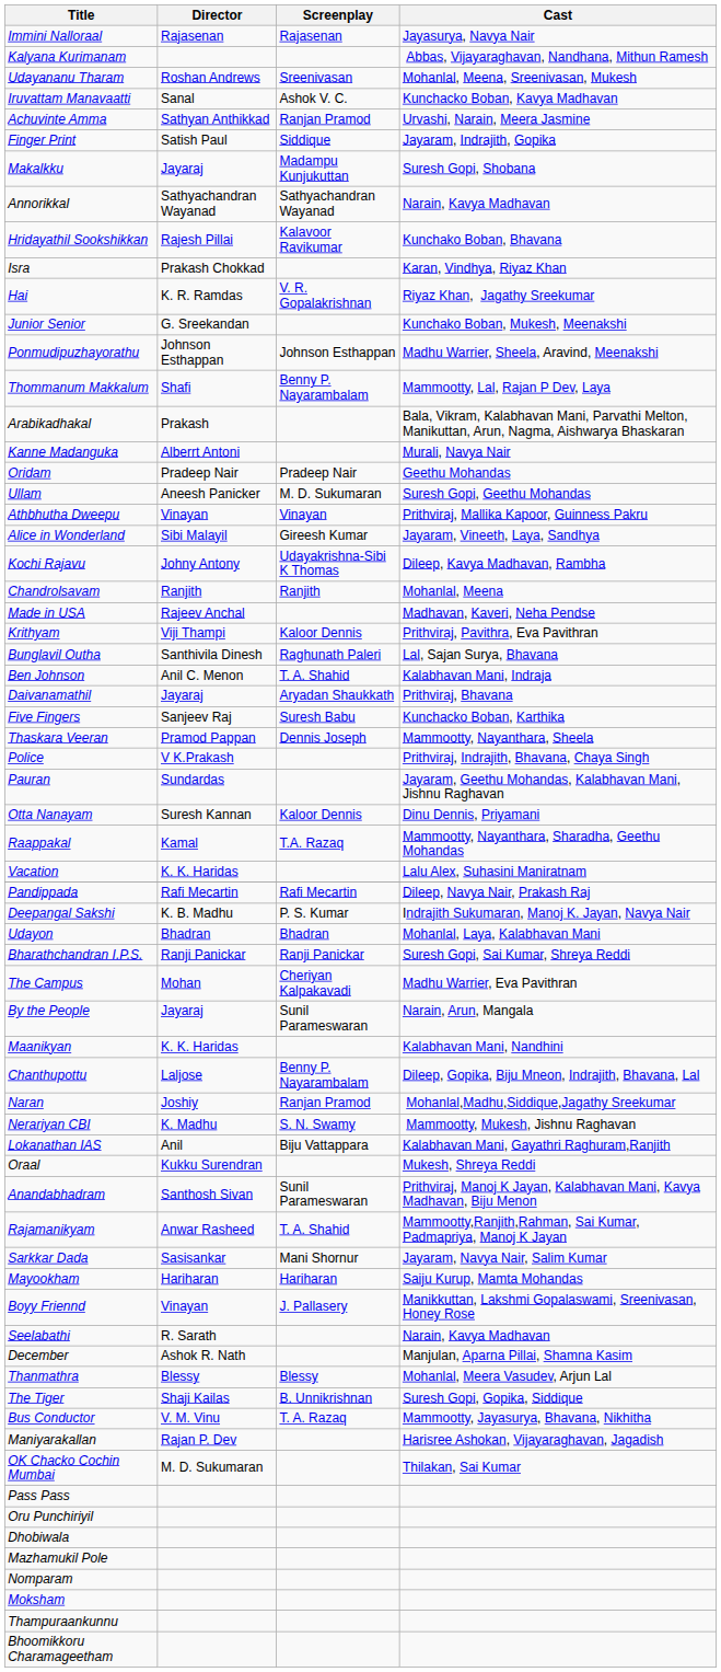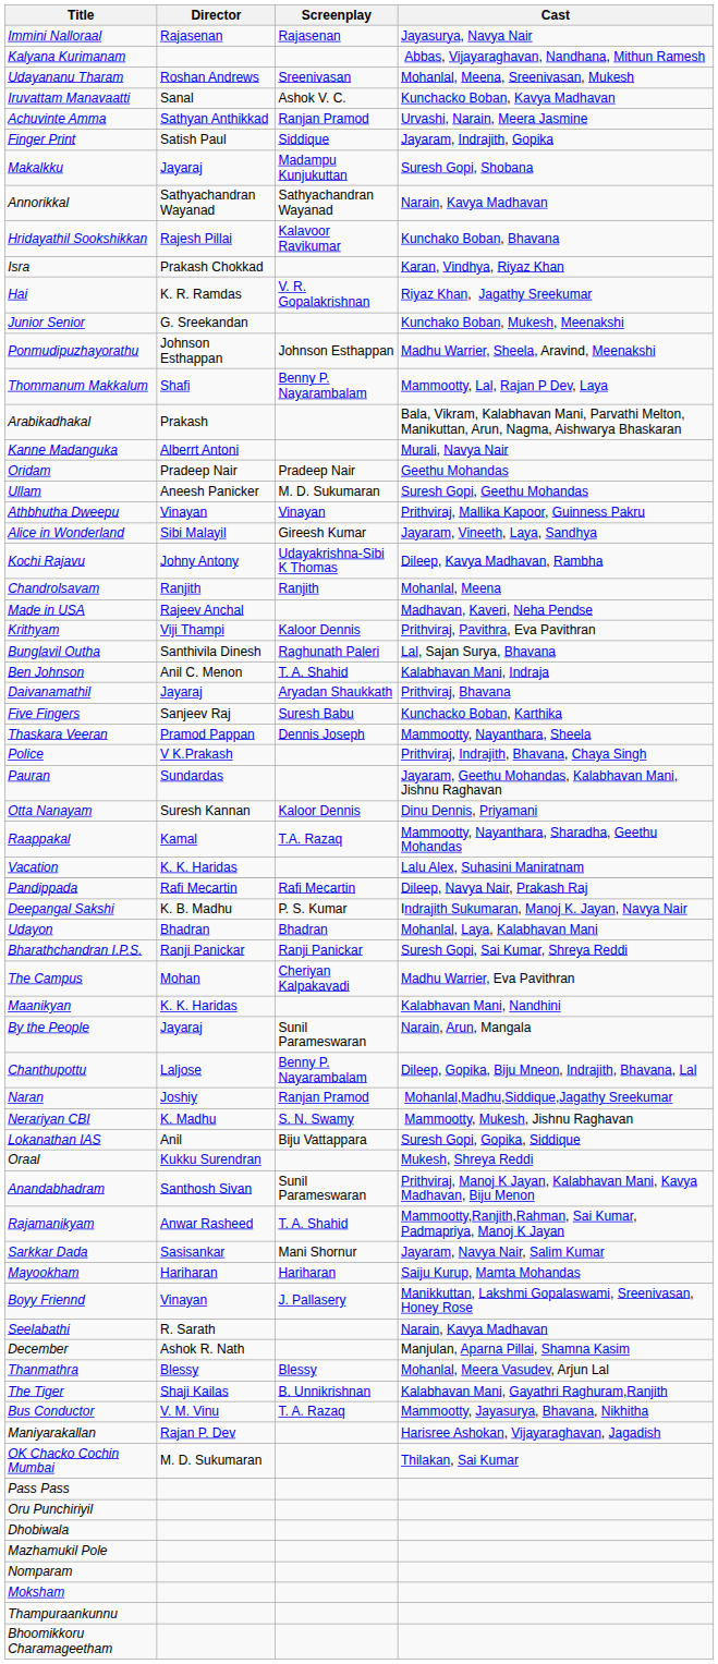 <table class="wikitable" style="align:left;">
 <tr>
 <th>Title</th>
 <th>Director</th>
 <th>Screenplay</th>
 <th>Cast</th>
 </tr>
 <tr>
 <td><em><a href='#'>Immini Nalloraal</a></em></td>
 <td><a href='#'>Rajasenan</a></td>
 <td><a href='#'>Rajasenan</a></td>
 <td><a href='#'>Jayasurya</a>, <a href='#'>Navya Nair</a></td>
 </tr>
 <tr>
 <td><em><a href='#'>Kalyana Kurimanam</a></em></td>
 <td> </td>
 <td> </td>
 <td> <a href='#'>Abbas</a>, <a href='#'>Vijayaraghavan</a>, <a href='#'>Nandhana</a>, <a href='#'>Mithun Ramesh</a></td>
 </tr>
 <tr>
 <td><em><a href='#'>Udayananu Tharam</a></em></td>
 <td><a href='#'>Roshan Andrews</a></td>
 <td><a href='#'>Sreenivasan</a></td>
 <td><a href='#'>Mohanlal</a>, <a href='#'>Meena</a>, <a href='#'>Sreenivasan</a>, <a href='#'>Mukesh</a></td>
 </tr>
 <tr>
 <td><em><a href='#'>Iruvattam Manavaatti</a></em></td>
 <td>Sanal</td>
 <td>Ashok V. C.</td>
 <td><a href='#'>Kunchacko Boban</a>, <a href='#'>Kavya Madhavan</a></td>
 </tr>
 <tr valign="top">
 <td><em><a href='#'>Achuvinte Amma</a></em></td>
 <td><a href='#'>Sathyan Anthikkad</a></td>
 <td><a href='#'>Ranjan Pramod</a></td>
 <td><a href='#'>Urvashi</a>, <a href='#'>Narain</a>, <a href='#'>Meera Jasmine</a></td>
 </tr>
 <tr>
 <td><em><a href='#'>Finger Print</a></em></td>
 <td>Satish Paul</td>
 <td><a href='#'>Siddique</a></td>
 <td><a href='#'>Jayaram</a>, <a href='#'>Indrajith</a>, <a href='#'>Gopika</a></td>
 </tr>
 <tr>
 <td><em><a href='#'>Makalkku</a></em></td>
 <td><a href='#'>Jayaraj</a></td>
 <td><a href='#'>Madampu Kunjukuttan</a></td>
 <td><a href='#'>Suresh Gopi</a>, <a href='#'>Shobana</a></td>
 </tr>
 <tr>
 <td><em>Annorikkal</em></td>
 <td>Sathyachandran Wayanad</td>
 <td>Sathyachandran Wayanad</td>
 <td><a href='#'>Narain</a>, <a href='#'>Kavya Madhavan</a></td>
 </tr>
 <tr>
 <td><em><a href='#'>Hridayathil Sookshikkan</a></em></td>
 <td><a href='#'>Rajesh Pillai</a></td>
 <td><a href='#'>Kalavoor Ravikumar</a></td>
 <td><a href='#'>Kunchako Boban</a>, <a href='#'>Bhavana</a></td>
 </tr>
 <tr>
 <td><em>Isra</em></td>
 <td>Prakash Chokkad</td>
 <td> </td>
 <td><a href='#'>Karan</a>, <a href='#'>Vindhya</a>, <a href='#'>Riyaz Khan</a></td>
 </tr>
 <tr>
 <td><em><a href='#'>Hai</a></em></td>
 <td>K. R. Ramdas</td>
 <td><a href='#'>V. R. Gopalakrishnan</a></td>
 <td><a href='#'>Riyaz Khan</a>,  <a href='#'>Jagathy Sreekumar</a></td>
 </tr>
 <tr>
 <td><em><a href='#'>Junior Senior</a></em></td>
 <td>G. Sreekandan</td>
 <td> </td>
 <td><a href='#'>Kunchako Boban</a>, <a href='#'>Mukesh</a>, <a href='#'>Meenakshi</a></td>
 </tr>
 <tr>
 <td><em><a href='#'>Ponmudipuzhayorathu</a></em></td>
 <td>Johnson Esthappan</td>
 <td>Johnson Esthappan</td>
 <td><a href='#'>Madhu Warrier</a>, <a href='#'>Sheela</a>, Aravind, <a href='#'>Meenakshi</a></td>
 </tr>
 <tr>
 <td><em><a href='#'>Thommanum Makkalum</a></em></td>
 <td><a href='#'>Shafi</a></td>
 <td><a href='#'>Benny P. Nayarambalam</a></td>
 <td><a href='#'>Mammootty</a>, <a href='#'>Lal</a>, <a href='#'>Rajan P Dev</a>, <a href='#'>Laya</a></td>
 </tr>
 <tr>
 <td><em>Arabikadhakal</em></td>
 <td>Prakash</td>
 <td></td>
 <td>Bala, Vikram, Kalabhavan Mani, Parvathi Melton, Manikuttan, Arun, Nagma, Aishwarya Bhaskaran</td>
 </tr>
 <tr>
 <td><em><a href='#'>Kanne Madanguka</a></em></td>
 <td><a href='#'>Alberrt Antoni</a></td>
 <td> </td>
 <td><a href='#'>Murali</a>, <a href='#'>Navya Nair</a></td>
 </tr>
 <tr>
 <td><em><a href='#'>Oridam</a></em></td>
 <td>Pradeep Nair</td>
 <td>Pradeep Nair</td>
 <td><a href='#'>Geethu Mohandas</a></td>
 </tr>
 <tr>
 <td><em><a href='#'>Ullam</a></em></td>
 <td>Aneesh Panicker</td>
 <td>M. D. Sukumaran</td>
 <td><a href='#'>Suresh Gopi</a>, <a href='#'>Geethu Mohandas</a></td>
 </tr>
 <tr>
 <td><em><a href='#'>Athbhutha Dweepu</a></em></td>
 <td><a href='#'>Vinayan</a></td>
 <td><a href='#'>Vinayan</a></td>
 <td><a href='#'>Prithviraj</a>, <a href='#'>Mallika Kapoor</a>, <a href='#'>Guinness Pakru</a></td>
 </tr>
 <tr>
 <td><em><a href='#'>Alice in Wonderland</a></em></td>
 <td><a href='#'>Sibi Malayil</a></td>
 <td>Gireesh Kumar</td>
 <td><a href='#'>Jayaram</a>, <a href='#'>Vineeth</a>, <a href='#'>Laya</a>, <a href='#'>Sandhya</a></td>
 </tr>
 <tr>
 <td><em><a href='#'>Kochi Rajavu</a></em></td>
 <td><a href='#'>Johny Antony</a></td>
 <td><a href='#'>Udayakrishna-Sibi K Thomas</a></td>
 <td><a href='#'>Dileep</a>, <a href='#'>Kavya Madhavan</a>, <a href='#'>Rambha</a></td>
 </tr>
 <tr>
 <td><em><a href='#'>Chandrolsavam</a></em></td>
 <td><a href='#'>Ranjith</a></td>
 <td><a href='#'>Ranjith</a></td>
 <td><a href='#'>Mohanlal</a>, <a href='#'>Meena</a></td>
 </tr>
 <tr>
 <td><a href='#'><em>Made in USA</em></a></td>
 <td><a href='#'>Rajeev Anchal</a></td>
 <td></td>
 <td><a href='#'>Madhavan</a>, <a href='#'>Kaveri</a>, <a href='#'>Neha Pendse</a></td>
 </tr>
 <tr valign="top">
 <td><em><a href='#'>Krithyam</a></em></td>
 <td><a href='#'>Viji Thampi</a></td>
 <td><a href='#'>Kaloor Dennis</a></td>
 <td><a href='#'>Prithviraj</a>, <a href='#'>Pavithra</a>, Eva Pavithran</td>
 </tr>
 <tr valign="top">
 <td><em><a href='#'>Bunglavil Outha</a></em></td>
 <td>Santhivila Dinesh</td>
 <td><a href='#'>Raghunath Paleri</a></td>
 <td><a href='#'>Lal</a>, Sajan Surya, <a href='#'>Bhavana</a></td>
 </tr>
 <tr>
 <td><em><a href='#'>Ben Johnson</a></em></td>
 <td>Anil C. Menon</td>
 <td><a href='#'>T. A. Shahid</a></td>
 <td><a href='#'>Kalabhavan Mani</a>, <a href='#'>Indraja</a></td>
 </tr>
 <tr>
 <td><em><a href='#'>Daivanamathil</a></em></td>
 <td><a href='#'>Jayaraj</a></td>
 <td><a href='#'>Aryadan Shaukkath</a></td>
 <td><a href='#'>Prithviraj</a>, <a href='#'>Bhavana</a></td>
 </tr>
 <tr>
 <td><em><a href='#'>Five Fingers</a></em></td>
 <td>Sanjeev Raj</td>
 <td><a href='#'>Suresh Babu</a></td>
 <td><a href='#'>Kunchacko Boban</a>, <a href='#'>Karthika</a></td>
 </tr>
 <tr>
 <td><em><a href='#'>Thaskara Veeran</a></em></td>
 <td><a href='#'>Pramod Pappan</a></td>
 <td><a href='#'>Dennis Joseph</a></td>
 <td><a href='#'>Mammootty</a>, <a href='#'>Nayanthara</a>, <a href='#'>Sheela</a></td>
 </tr>
 <tr>
 <td><em><a href='#'>Police</a></em></td>
 <td><a href='#'>V K.Prakash</a></td>
 <td> </td>
 <td><a href='#'>Prithviraj</a>, <a href='#'>Indrajith</a>, <a href='#'>Bhavana</a>, <a href='#'>Chaya Singh</a></td>
 </tr>
 <tr valign="top">
 <td><em><a href='#'>Pauran</a></em></td>
 <td><a href='#'>Sundardas</a></td>
 <td> </td>
 <td><a href='#'>Jayaram</a>, <a href='#'>Geethu Mohandas</a>, <a href='#'>Kalabhavan Mani</a>, Jishnu Raghavan</td>
 </tr>
 <tr valign="top">
 <td><em><a href='#'>Otta Nanayam</a></em></td>
 <td>Suresh Kannan</td>
 <td><a href='#'>Kaloor Dennis</a></td>
 <td><a href='#'>Dinu Dennis</a>, <a href='#'>Priyamani</a></td>
 </tr>
 <tr>
 <td><em><a href='#'>Raappakal</a></em></td>
 <td><a href='#'>Kamal</a></td>
 <td><a href='#'>T.A. Razaq</a></td>
 <td><a href='#'>Mammootty</a>, <a href='#'>Nayanthara</a>, <a href='#'>Sharadha</a>, <a href='#'>Geethu Mohandas</a></td>
 </tr>
 <tr>
 <td><em><a href='#'>Vacation</a></em></td>
 <td><a href='#'>K. K. Haridas</a></td>
 <td> </td>
 <td><a href='#'>Lalu Alex</a>, <a href='#'>Suhasini Maniratnam</a></td>
 </tr>
 <tr>
 </tr>
 <tr>
 <td><em><a href='#'>Pandippada</a></em></td>
 <td><a href='#'>Rafi Mecartin</a></td>
 <td><a href='#'>Rafi Mecartin</a></td>
 <td><a href='#'>Dileep</a>, <a href='#'>Navya Nair</a>, <a href='#'>Prakash Raj</a></td>
 </tr>
 <tr>
 <td><em><a href='#'>Deepangal Sakshi</a></em></td>
 <td>K. B. Madhu</td>
 <td>P. S. Kumar</td>
 <td>I<a href='#'>ndrajith Sukumaran</a>, <a href='#'>Manoj K. Jayan</a>, <a href='#'>Navya Nair</a></td>
 </tr>
 <tr>
 <td><em><a href='#'>Udayon</a></em></td>
 <td><a href='#'>Bhadran</a></td>
 <td><a href='#'>Bhadran</a></td>
 <td><a href='#'>Mohanlal</a>, <a href='#'>Laya</a>, <a href='#'>Kalabhavan Mani</a></td>
 </tr>
 <tr>
 <td><em><a href='#'>Bharathchandran I.P.S.</a></em></td>
 <td><a href='#'>Ranji Panickar</a></td>
 <td><a href='#'>Ranji Panickar</a></td>
 <td><a href='#'>Suresh Gopi</a>, <a href='#'>Sai Kumar</a>, <a href='#'>Shreya Reddi</a></td>
 </tr>
 <tr>
 <td><em><a href='#'>The Campus</a></em></td>
 <td><a href='#'>Mohan</a></td>
 <td><a href='#'>Cheriyan Kalpakavadi</a></td>
 <td><a href='#'>Madhu Warrier</a>, Eva Pavithran</td>
 </tr>
+<tr>
+<td><em><a href='#'>Maanikyan</a></em></td>
+<td><a href='#'>K. K. Haridas</a></td>
+<td> </td>
+<td><a href='#'>Kalabhavan Mani</a>, <a href='#'>Nandhini</a></td>
+</tr>
 <tr valign="top">
 <td><em><a href='#'>By the People</a></em></td>
 <td><a href='#'>Jayaraj</a></td>
 <td>Sunil Parameswaran</td>
 <td><a href='#'>Narain</a>, <a href='#'>Arun</a>, Mangala</td>
-</tr>
-<tr>
-<td><em><a href='#'>Maanikyan</a></em></td>
-<td><a href='#'>K. K. Haridas</a></td>
-<td> </td>
-<td><a href='#'>Kalabhavan Mani</a>, <a href='#'>Nandhini</a></td>
 </tr>
 <tr>
 <td><em><a href='#'>Chanthupottu</a></em></td>
 <td><a href='#'>Laljose</a></td>
 <td><a href='#'>Benny P. Nayarambalam</a></td>
 <td><a href='#'>Dileep</a>, <a href='#'>Gopika</a>, <a href='#'>Biju Mneon</a>, <a href='#'>Indrajith</a>, <a href='#'>Bhavana</a>, <a href='#'>Lal</a></td>
 </tr>
 <tr>
 <td><em><a href='#'>Naran</a></em></td>
 <td><a href='#'>Joshiy</a></td>
 <td><a href='#'>Ranjan Pramod</a></td>
 <td> <a href='#'>Mohanlal</a>,<a href='#'>Madhu</a>,<a href='#'>Siddique</a>,<a href='#'>Jagathy Sreekumar</a></td>
 </tr>
 <tr>
 <td><em><a href='#'>Nerariyan CBI</a></em></td>
 <td><a href='#'>K. Madhu</a></td>
 <td><a href='#'>S. N. Swamy</a></td>
 <td> <a href='#'>Mammootty</a>, <a href='#'>Mukesh</a>, Jishnu Raghavan</td>
 </tr>
 <tr>
 <td><em><a href='#'>Lokanathan IAS</a></em></td>
 <td>Anil</td>
 <td>Biju Vattappara</td>
-<td><a href='#'>Kalabhavan Mani</a>, <a href='#'>Gayathri Raghuram</a>,<a href='#'>Ranjith</a></td>
+<td><a href='#'>Suresh Gopi</a>, <a href='#'>Gopika</a>, <a href='#'>Siddique</a></td>
 </tr>
 <tr>
 <td><em>Oraal</em></td>
 <td><a href='#'>Kukku Surendran</a></td>
 <td> </td>
 <td><a href='#'>Mukesh</a>, <a href='#'>Shreya Reddi</a></td>
 </tr>
 <tr>
 <td><em><a href='#'>Anandabhadram</a></em></td>
 <td><a href='#'>Santhosh Sivan</a></td>
 <td>Sunil Parameswaran</td>
 <td><a href='#'>Prithviraj</a>, <a href='#'>Manoj K Jayan</a>, <a href='#'>Kalabhavan Mani</a>, <a href='#'>Kavya Madhavan</a>, <a href='#'>Biju Menon</a></td>
 </tr>
 <tr>
 <td><em><a href='#'>Rajamanikyam</a></em></td>
 <td><a href='#'>Anwar Rasheed</a></td>
 <td><a href='#'>T. A. Shahid</a></td>
 <td><a href='#'>Mammootty</a>,<a href='#'>Ranjith</a>,<a href='#'>Rahman</a>, <a href='#'>Sai Kumar</a>, <a href='#'>Padmapriya</a>, <a href='#'>Manoj K Jayan</a></td>
 </tr>
 <tr>
 <td><em><a href='#'>Sarkkar Dada</a></em></td>
 <td><a href='#'>Sasisankar</a></td>
 <td>Mani Shornur</td>
 <td><a href='#'>Jayaram</a>, <a href='#'>Navya Nair</a>, <a href='#'>Salim Kumar</a></td>
 </tr>
 <tr>
 <td><em><a href='#'>Mayookham</a></em></td>
 <td><a href='#'>Hariharan</a></td>
 <td><a href='#'>Hariharan</a></td>
 <td><a href='#'>Saiju Kurup</a>, <a href='#'>Mamta Mohandas</a></td>
 </tr>
 <tr>
 <td><em><a href='#'>Boyy Friennd</a></em></td>
 <td><a href='#'>Vinayan</a></td>
 <td><a href='#'>J. Pallasery</a></td>
 <td><a href='#'>Manikkuttan</a>, <a href='#'>Lakshmi Gopalaswami</a>, <a href='#'>Sreenivasan</a>, <a href='#'>Honey Rose</a></td>
 </tr>
 <tr>
 <td><em><a href='#'>Seelabathi</a></em></td>
 <td>R. Sarath</td>
 <td> </td>
 <td><a href='#'>Narain</a>, <a href='#'>Kavya Madhavan</a></td>
 </tr>
 <tr>
 <td><em>December</em></td>
 <td>Ashok R. Nath</td>
 <td> </td>
 <td>Manjulan, <a href='#'>Aparna Pillai</a>, <a href='#'>Shamna Kasim</a></td>
 </tr>
 <tr valign="top">
 <td><em><a href='#'>Thanmathra</a></em></td>
 <td><a href='#'>Blessy</a></td>
 <td><a href='#'>Blessy</a></td>
 <td><a href='#'>Mohanlal</a>, <a href='#'>Meera Vasudev</a>, Arjun Lal</td>
 </tr>
 <tr>
 <td><em><a href='#'>The Tiger</a></em></td>
 <td><a href='#'>Shaji Kailas</a></td>
 <td><a href='#'>B. Unnikrishnan</a></td>
-<td><a href='#'>Suresh Gopi</a>, <a href='#'>Gopika</a>, <a href='#'>Siddique</a></td>
+<td><a href='#'>Kalabhavan Mani</a>, <a href='#'>Gayathri Raghuram</a>,<a href='#'>Ranjith</a></td>
 </tr>
 <tr valign="top">
 <td><em><a href='#'>Bus Conductor</a></em></td>
 <td><a href='#'>V. M. Vinu</a></td>
 <td><a href='#'>T. A. Razaq</a></td>
 <td><a href='#'>Mammootty</a>, <a href='#'>Jayasurya</a>, <a href='#'>Bhavana</a>, <a href='#'>Nikhitha</a></td>
 </tr>
 <tr>
 <td><em>Maniyarakallan</em></td>
 <td><a href='#'>Rajan P. Dev</a></td>
 <td> </td>
 <td><a href='#'>Harisree Ashokan</a>, <a href='#'>Vijayaraghavan</a>, <a href='#'>Jagadish</a></td>
 </tr>
 <tr>
 <td><em><a href='#'>OK Chacko Cochin Mumbai</a></em></td>
 <td>M. D. Sukumaran</td>
 <td></td>
 <td><a href='#'>Thilakan</a>, <a href='#'>Sai Kumar</a></td>
 </tr>
 <tr>
 <td><em>Pass Pass</em></td>
 <td></td>
 <td></td>
 <td></td>
 </tr>
 <tr valign="top">
 <td><em>Oru Punchiriyil</em></td>
 <td></td>
 <td></td>
 <td></td>
 </tr>
 <tr valign="top">
 <td><em>Dhobiwala</em></td>
 <td></td>
 <td></td>
 <td></td>
 </tr>
 <tr valign="top">
 <td><em>Mazhamukil Pole</em></td>
 <td></td>
 <td></td>
 <td></td>
 </tr>
 <tr valign="top">
 <td><em>Nomparam</em></td>
 <td></td>
 <td></td>
 <td></td>
 </tr>
 <tr>
 <td><a href='#'><em>Moksham</em></a></td>
 <td></td>
 <td></td>
 <td></td>
 </tr>
 <tr>
 <td><em>Thampuraankunnu</em></td>
 <td></td>
 <td></td>
 <td></td>
 </tr>
 <tr>
 <td><em>Bhoomikkoru Charamageetham</em></td>
 <td></td>
 <td></td>
 <td></td>
 </tr>
 </table>
